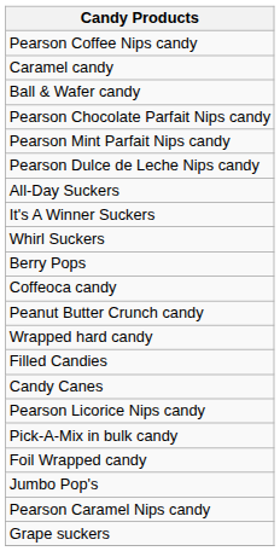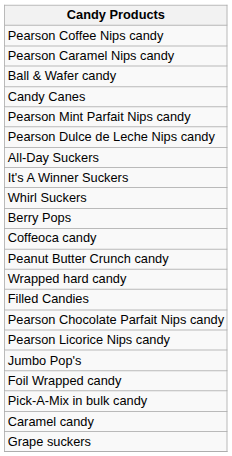 <table class="wikitable sortable" align=right>
 <tr>
 <th>Candy Products</th>
 </tr>
 <tr>
 <td>Pearson Coffee Nips candy</td>
 </tr>
 <tr>
-<td>Caramel candy</td>
+<td>Pearson Caramel Nips candy</td>
 </tr>
 <tr>
 <td>Ball & Wafer candy</td>
 </tr>
 <tr>
-<td>Pearson Chocolate Parfait Nips candy</td>
+<td>Candy Canes</td>
 </tr>
 <tr>
 <td>Pearson Mint Parfait Nips candy</td>
 </tr>
 <tr>
 <td>Pearson Dulce de Leche Nips candy</td>
 </tr>
 <tr>
 <td>All-Day Suckers</td>
 </tr>
 <tr>
 <td>It's A Winner Suckers</td>
 </tr>
 <tr>
 <td>Whirl Suckers</td>
 </tr>
 <tr>
 <td>Berry Pops</td>
 </tr>
 <tr>
 <td>Coffeoca candy</td>
 </tr>
 <tr>
 <td>Peanut Butter Crunch candy</td>
 </tr>
 <tr>
 <td>Wrapped hard candy</td>
 </tr>
 <tr>
 <td>Filled Candies</td>
 </tr>
 <tr>
-<td>Candy Canes</td>
+<td>Pearson Chocolate Parfait Nips candy</td>
 </tr>
 <tr>
 <td>Pearson Licorice Nips candy</td>
 </tr>
 <tr>
-<td>Pick-A-Mix in bulk candy</td>
+<td>Jumbo Pop's</td>
 </tr>
 <tr>
 <td>Foil Wrapped candy</td>
 </tr>
 <tr>
-<td>Jumbo Pop's</td>
+<td>Pick-A-Mix in bulk candy</td>
 </tr>
 <tr>
-<td>Pearson Caramel Nips candy</td>
+<td>Caramel candy</td>
 </tr>
 <tr>
 <td>Grape suckers</td>
 </tr>
 <tr>
 </tr>
 </table>
